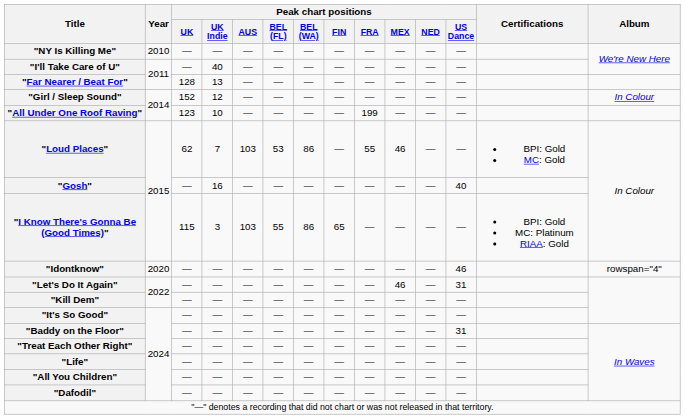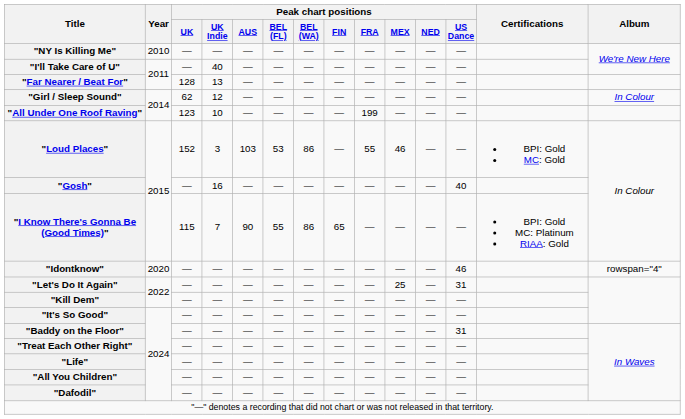 <table class="wikitable plainrowheaders" style="text-align:center;">
 <tr>
 <th scope="col" rowspan="2" style="width: 14em;">Title</th>
 <th scope="col" rowspan="2" style="width: 1em;">Year</th>
 <th scope="col" colspan="10">Peak chart positions</th>
 <th scope="col" rowspan="2" style="width: 11em;">Certifications</th>
 <th scope="col" rowspan="2" style="width: 9em;">Album</th>
 </tr>
 <tr>
 <th scope="col" style="width:3em;font-size:90%;"><a href='#'>UK</a><br></th>
 <th scope="col" style="width:3em;font-size:90%;"><a href='#'>UK<br>Indie</a><br></th>
 <th scope="col" style="width:3em;font-size:90%;"><a href='#'>AUS</a><br></th>
 <th scope="col" style="width:3em;font-size:90%;"><a href='#'>BEL<br>(FL)</a><br></th>
 <th scope="col" style="width:3em;font-size:90%;"><a href='#'>BEL<br>(WA)</a><br></th>
 <th scope="col" style="width:3em;font-size:90%;"><a href='#'>FIN</a><br></th>
 <th scope="col" style="width:3em;font-size:90%;"><a href='#'>FRA</a><br></th>
 <th scope="col" style="width:3em;font-size:90%;"><a href='#'>MEX</a><br></th>
 <th scope="col" style="width:3em;font-size:90%;"><a href='#'>NED</a><br></th>
 <th scope="col" style="width:3em;font-size:90%;"><a href='#'>US<br>Dance</a><br></th>
 </tr>
 <tr>
 <th scope="row">"NY Is Killing Me"</th>
 <td>2010</td>
 <td>—</td>
 <td>—</td>
 <td>—</td>
 <td>—</td>
 <td>—</td>
 <td>—</td>
 <td>—</td>
 <td>—</td>
 <td>—</td>
 <td>—</td>
 <td></td>
 <td rowspan="2"><em><a href='#'>We're New Here</a></em><br></td>
 </tr>
 <tr>
 <th scope="row">"I'll Take Care of U"</th>
 <td rowspan="2">2011</td>
 <td>—</td>
 <td>40</td>
 <td>—</td>
 <td>—</td>
 <td>—</td>
 <td>—</td>
 <td>—</td>
 <td>—</td>
 <td>—</td>
 <td>—</td>
 <td></td>
 </tr>
 <tr>
 <th scope="row">"<a href='#'>Far Nearer / Beat For</a>"</th>
 <td>128</td>
 <td>13</td>
 <td>—</td>
 <td>—</td>
 <td>—</td>
 <td>—</td>
 <td>—</td>
 <td>—</td>
 <td>—</td>
 <td>—</td>
 <td></td>
 <td></td>
 </tr>
 <tr>
 <th scope="row">"Girl / Sleep Sound"</th>
 <td rowspan="2">2014</td>
-<td>152</td>
+<td>62</td>
 <td>12</td>
 <td>—</td>
 <td>—</td>
 <td>—</td>
 <td>—</td>
 <td>—</td>
 <td>—</td>
 <td>—</td>
 <td>—</td>
 <td></td>
 <td><em><a href='#'>In Colour</a></em></td>
 </tr>
 <tr>
 <th scope="row">"<a href='#'>All Under One Roof Raving</a>"</th>
 <td>123</td>
 <td>10</td>
 <td>—</td>
 <td>—</td>
 <td>—</td>
 <td>—</td>
 <td>199</td>
 <td>—</td>
 <td>—</td>
 <td>—</td>
 <td></td>
 <td></td>
 </tr>
 <tr>
 <th scope="row">"<a href='#'>Loud Places</a>"<br></th>
 <td rowspan="3">2015</td>
-<td>62</td>
-<td>7</td>
+<td>152</td>
+<td>3</td>
 <td>103</td>
 <td>53</td>
 <td>86</td>
 <td>—</td>
 <td>55</td>
 <td>46</td>
 <td>—</td>
 <td>—</td>
 <td><br><ul><li>BPI: Gold</li><li><a href='#'>MC</a>: Gold</li></ul></td>
 <td rowspan="3"><em>In Colour</em></td>
 </tr>
 <tr>
 <th scope="row">"<a href='#'>Gosh</a>"</th>
 <td>—</td>
 <td>16</td>
 <td>—</td>
 <td>—</td>
 <td>—</td>
 <td>—</td>
 <td>—</td>
 <td>—</td>
 <td>—</td>
 <td>40</td>
 <td></td>
 </tr>
 <tr>
 <th scope="row">"<a href='#'>I Know There's Gonna Be (Good Times)</a>"<br></th>
 <td>115</td>
-<td>3</td>
-<td>103</td>
+<td>7</td>
+<td>90</td>
 <td>55</td>
 <td>86</td>
 <td>65</td>
 <td>—</td>
 <td>—</td>
 <td>—</td>
 <td>—</td>
 <td><br><ul><li>BPI: Gold</li><li>MC: Platinum</li><li><a href='#'>RIAA</a>: Gold</li></ul></td>
 </tr>
 <tr>
 <th scope="row">"Idontknow"</th>
 <td style="text-align:center;">2020</td>
 <td>—</td>
 <td>—</td>
 <td>—</td>
 <td>—</td>
 <td>—</td>
 <td>—</td>
 <td>—</td>
 <td>—</td>
 <td>—</td>
 <td>46</td>
 <td></td>
 <td>rowspan="4" </td>
 </tr>
 <tr>
 <th scope="row">"Let's Do It Again"</th>
 <td rowspan="2">2022</td>
 <td>—</td>
 <td>—</td>
 <td>—</td>
 <td>—</td>
 <td>—</td>
 <td>—</td>
 <td>—</td>
-<td>46</td>
+<td>25</td>
 <td>—</td>
 <td>31</td>
 <td></td>
 </tr>
 <tr>
 <th scope="row">"Kill Dem"</th>
 <td>—</td>
 <td>—</td>
 <td>—</td>
 <td>—</td>
 <td>—</td>
 <td>—</td>
 <td>—</td>
 <td>—</td>
 <td>—</td>
 <td>—</td>
 <td></td>
 </tr>
 <tr>
 <th scope="row">"It's So Good"</th>
 <td rowspan="6">2024</td>
 <td>—</td>
 <td>—</td>
 <td>—</td>
 <td>—</td>
 <td>—</td>
 <td>—</td>
 <td>—</td>
 <td>—</td>
 <td>—</td>
 <td>—</td>
 <td></td>
 </tr>
 <tr>
 <th scope="row">"Baddy on the Floor"<br></th>
 <td>—</td>
 <td>—</td>
 <td>—</td>
 <td>—</td>
 <td>—</td>
 <td>—</td>
 <td>—</td>
 <td>—</td>
 <td>—</td>
 <td>31</td>
 <td></td>
 <td rowspan="5"><em><a href='#'>In Waves</a></em></td>
 </tr>
 <tr>
 <th scope="row">"Treat Each Other Right"</th>
 <td>—</td>
 <td>—</td>
 <td>—</td>
 <td>—</td>
 <td>—</td>
 <td>—</td>
 <td>—</td>
 <td>—</td>
 <td>—</td>
 <td>—</td>
 <td></td>
 </tr>
 <tr>
 <th scope="row">"Life"<br></th>
 <td>—</td>
 <td>—</td>
 <td>—</td>
 <td>—</td>
 <td>—</td>
 <td>—</td>
 <td>—</td>
 <td>—</td>
 <td>—</td>
 <td>—</td>
 <td></td>
 </tr>
 <tr>
 <th scope="row">"All You Children"<br></th>
 <td>—</td>
 <td>—</td>
 <td>—</td>
 <td>—</td>
 <td>—</td>
 <td>—</td>
 <td>—</td>
 <td>—</td>
 <td>—</td>
 <td>—</td>
 <td></td>
 </tr>
 <tr>
 <th scope="row">"Dafodil"<br></th>
 <td>—</td>
 <td>—</td>
 <td>—</td>
 <td>—</td>
 <td>—</td>
 <td>—</td>
 <td>—</td>
 <td>—</td>
 <td>—</td>
 <td>—</td>
 <td></td>
 </tr>
 <tr>
 <td colspan="14" style="font-size:90%">"—" denotes a recording that did not chart or was not released in that territory.</td>
 </tr>
 </table>
